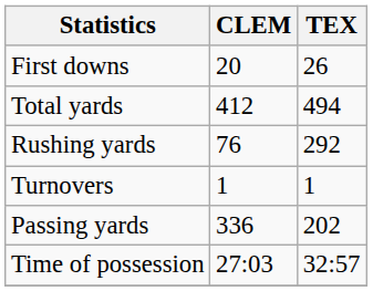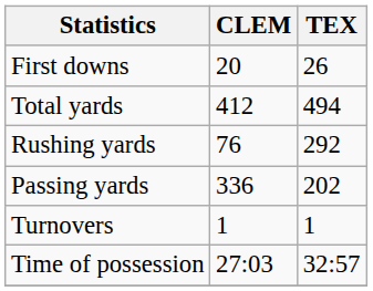 <table class="wikitable" style="float: left;">
 <tr>
 <th>Statistics</th>
 <th>CLEM</th>
 <th>TEX</th>
 </tr>
 <tr>
 <td>First downs</td>
 <td>20</td>
 <td>26</td>
 </tr>
 <tr>
 <td>Total yards</td>
 <td>412</td>
 <td>494</td>
 </tr>
 <tr>
 <td>Rushing yards</td>
 <td>76</td>
 <td>292</td>
 </tr>
 <tr>
+<td>Passing yards</td>
+<td>336</td>
+<td>202</td>
+</tr>
+<tr>
 <td>Turnovers</td>
 <td>1</td>
 <td>1</td>
-</tr>
-<tr>
-<td>Passing yards</td>
-<td>336</td>
-<td>202</td>
 </tr>
 <tr>
 <td>Time of possession</td>
 <td>27:03</td>
 <td>32:57</td>
 </tr>
 <tr>
 </tr>
 </table>
